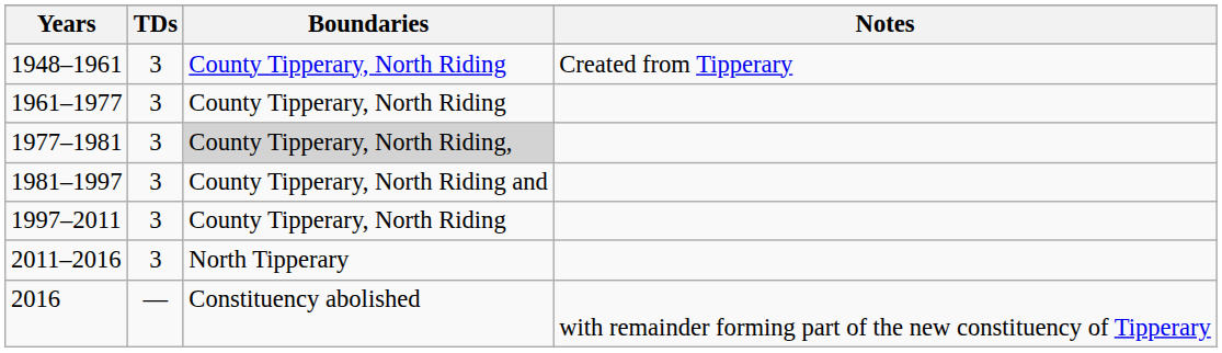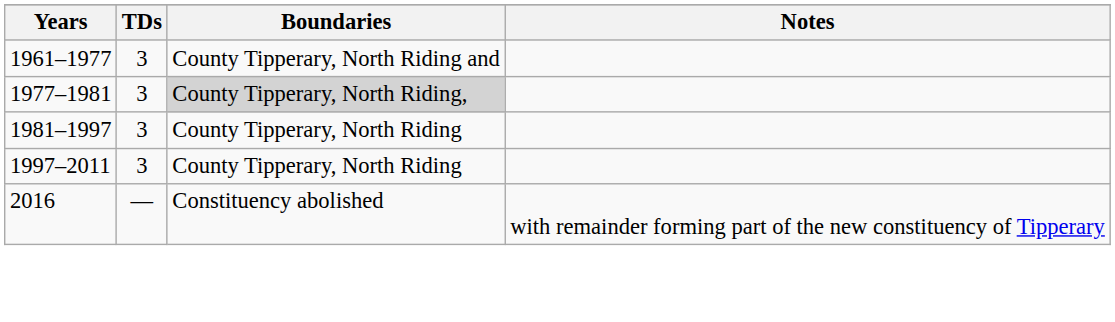 <table class="wikitable">
 <tr>
 </tr>
 <tr>
 <th>Years</th>
 <th>TDs</th>
 <th>Boundaries</th>
 <th>Notes</th>
 </tr>
 <tr style="vertical-align:top">
-<td>1948–1961</td>
-<td style="text-align:center">3</td>
-<td><a href='#'>County Tipperary, North Riding</a></td>
-<td>Created from <a href='#'>Tipperary</a></td>
-</tr>
-<tr style="vertical-align:top">
 <td>1961–1977</td>
 <td style="text-align:center">3</td>
-<td>County Tipperary, North Riding</td>
+<td>County Tipperary, North Riding and </td>
 <td></td>
 </tr>
 <tr style="vertical-align:top">
 <td>1977–1981</td>
 <td style="text-align:center">3</td>
 <td style="background: lightgrey;">County Tipperary, North Riding, </td>
 <td></td>
 </tr>
 <tr style="vertical-align:top">
 <td>1981–1997</td>
 <td style="text-align:center">3</td>
-<td>County Tipperary, North Riding and </td>
+<td>County Tipperary, North Riding</td>
 <td><br></td>
 </tr>
 <tr style="vertical-align:top">
 <td>1997–2011</td>
 <td style="text-align:center">3</td>
 <td>County Tipperary, North Riding </td>
 <td></td>
 </tr>
 <tr style="vertical-align:top">
-<td>2011–2016</td>
-<td style="text-align:center">3</td>
-<td>North Tipperary<br> </td>
-<td></td>
-</tr>
-<tr style="vertical-align:top">
 <td>2016</td>
 <td style="text-align:center">—</td>
 <td>Constituency abolished</td>
 <td><br>with remainder forming part of the new constituency of <a href='#'>Tipperary</a></td>
 </tr>
 </table>
